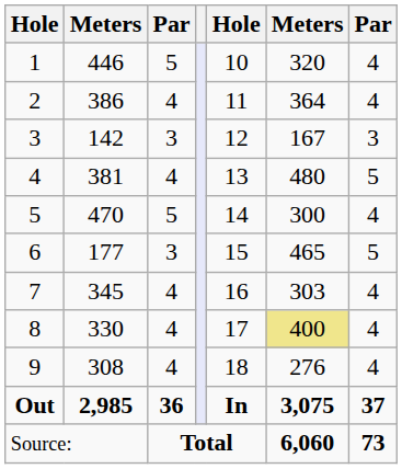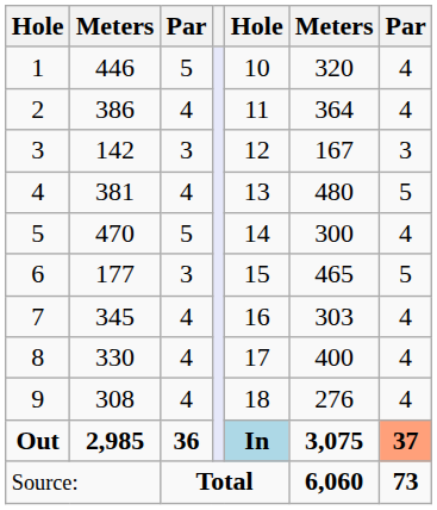 <table class="wikitable" style="text-align:center; font-size:100%;">
 <tr>
 <th>Hole</th>
 <th>Meters</th>
 <th>Par</th>
 <th></th>
 <th>Hole</th>
 <th>Meters</th>
 <th>Par</th>
 </tr>
 <tr>
 <td>1</td>
 <td>446</td>
 <td>5</td>
 <td rowspan="10" style="background:#E6E8FA;"></td>
 <td>10</td>
 <td>320</td>
 <td>4</td>
 </tr>
 <tr>
 <td>2</td>
 <td>386</td>
 <td>4</td>
 <td>11</td>
 <td>364</td>
 <td>4</td>
 </tr>
 <tr>
 <td>3</td>
 <td>142</td>
 <td>3</td>
 <td>12</td>
 <td>167</td>
 <td>3</td>
 </tr>
 <tr>
 <td>4</td>
 <td>381</td>
 <td>4</td>
 <td>13</td>
 <td>480</td>
 <td>5</td>
 </tr>
 <tr>
 <td>5</td>
 <td>470</td>
 <td>5</td>
 <td>14</td>
 <td>300</td>
 <td>4</td>
 </tr>
 <tr>
 <td>6</td>
 <td>177</td>
 <td>3</td>
 <td>15</td>
 <td>465</td>
 <td>5</td>
 </tr>
 <tr>
 <td>7</td>
 <td>345</td>
 <td>4</td>
 <td>16</td>
 <td>303</td>
 <td>4</td>
 </tr>
 <tr>
 <td>8</td>
 <td>330</td>
 <td>4</td>
 <td>17</td>
-<td style="background: khaki;">400</td>
+<td>400</td>
 <td>4</td>
 </tr>
 <tr>
 <td>9</td>
 <td>308</td>
 <td>4</td>
 <td>18</td>
 <td>276</td>
 <td>4</td>
 </tr>
 <tr>
 <td><strong>Out</strong></td>
 <td><strong>2,985</strong></td>
 <td><strong>36</strong></td>
-<td><strong>In</strong></td>
+<td style="background: lightblue;"><strong>In</strong></td>
 <td><strong>3,075</strong></td>
-<td><strong>37</strong></td>
+<td style="background: lightsalmon;"><strong>37</strong></td>
 </tr>
 <tr>
 <td colspan="2" align="left"><small>Source:</small></td>
 <td colspan="3"><strong>Total</strong></td>
 <td><strong>6,060</strong></td>
 <td><strong>73</strong></td>
 </tr>
 </table>
